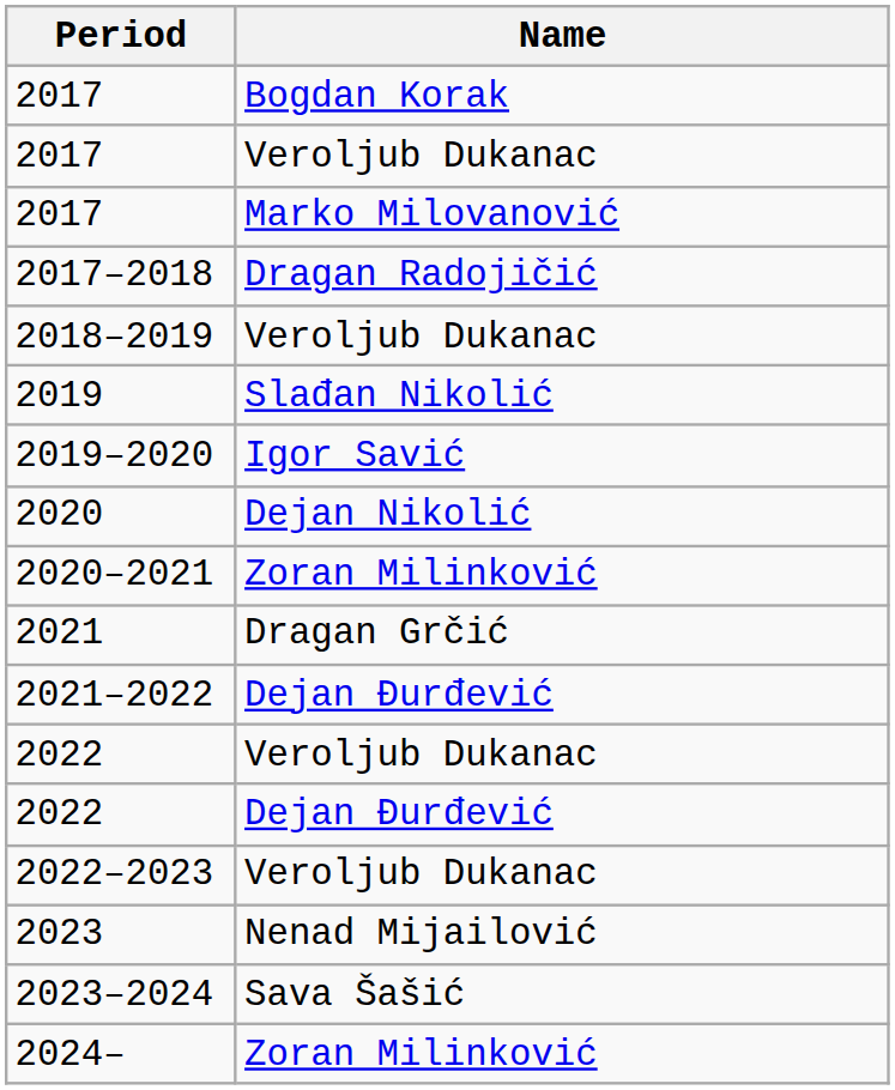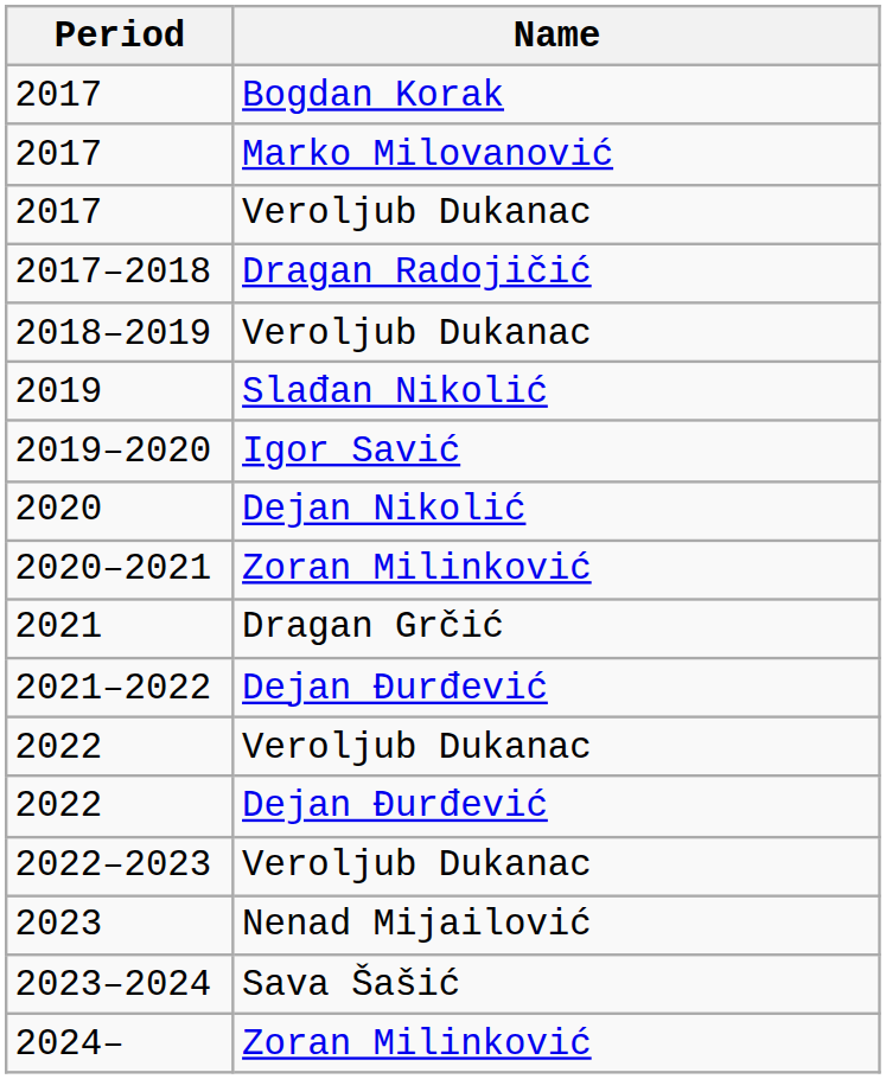 <table class="wikitable">
 <tr>
 <th width="75">Period</th>
 <th width="225">Name</th>
 </tr>
 <tr>
 <td>2017</td>
 <td> <a href='#'>Bogdan Korak</a></td>
 </tr>
 <tr>
 <td>2017</td>
-<td> Veroljub Dukanac</td>
+<td> <a href='#'>Marko Milovanović</a></td>
 </tr>
 <tr>
 <td>2017</td>
-<td> <a href='#'>Marko Milovanović</a></td>
+<td> Veroljub Dukanac</td>
 </tr>
 <tr>
 <td>2017–2018</td>
 <td> <a href='#'>Dragan Radojičić</a></td>
 </tr>
 <tr>
 <td>2018–2019</td>
 <td> Veroljub Dukanac</td>
 </tr>
 <tr>
 <td>2019</td>
 <td> <a href='#'>Slađan Nikolić</a></td>
 </tr>
 <tr>
 <td>2019–2020</td>
 <td> <a href='#'>Igor Savić</a></td>
 </tr>
 <tr>
 <td>2020</td>
 <td> <a href='#'>Dejan Nikolić</a></td>
 </tr>
 <tr>
 <td>2020–2021</td>
 <td> <a href='#'>Zoran Milinković</a></td>
 </tr>
 <tr>
 <td>2021</td>
 <td> Dragan Grčić</td>
 </tr>
 <tr>
 <td>2021–2022</td>
 <td> <a href='#'>Dejan Đurđević</a></td>
 </tr>
 <tr>
 <td>2022</td>
 <td> Veroljub Dukanac</td>
 </tr>
 <tr>
 <td>2022</td>
 <td> <a href='#'>Dejan Đurđević</a></td>
 </tr>
 <tr>
 <td>2022–2023</td>
 <td> Veroljub Dukanac</td>
 </tr>
 <tr>
 <td>2023</td>
 <td> Nenad Mijailović</td>
 </tr>
 <tr>
 <td>2023–2024</td>
 <td> Sava Šašić</td>
 </tr>
 <tr>
 <td>2024–</td>
 <td> <a href='#'>Zoran Milinković</a></td>
 </tr>
 </table>
